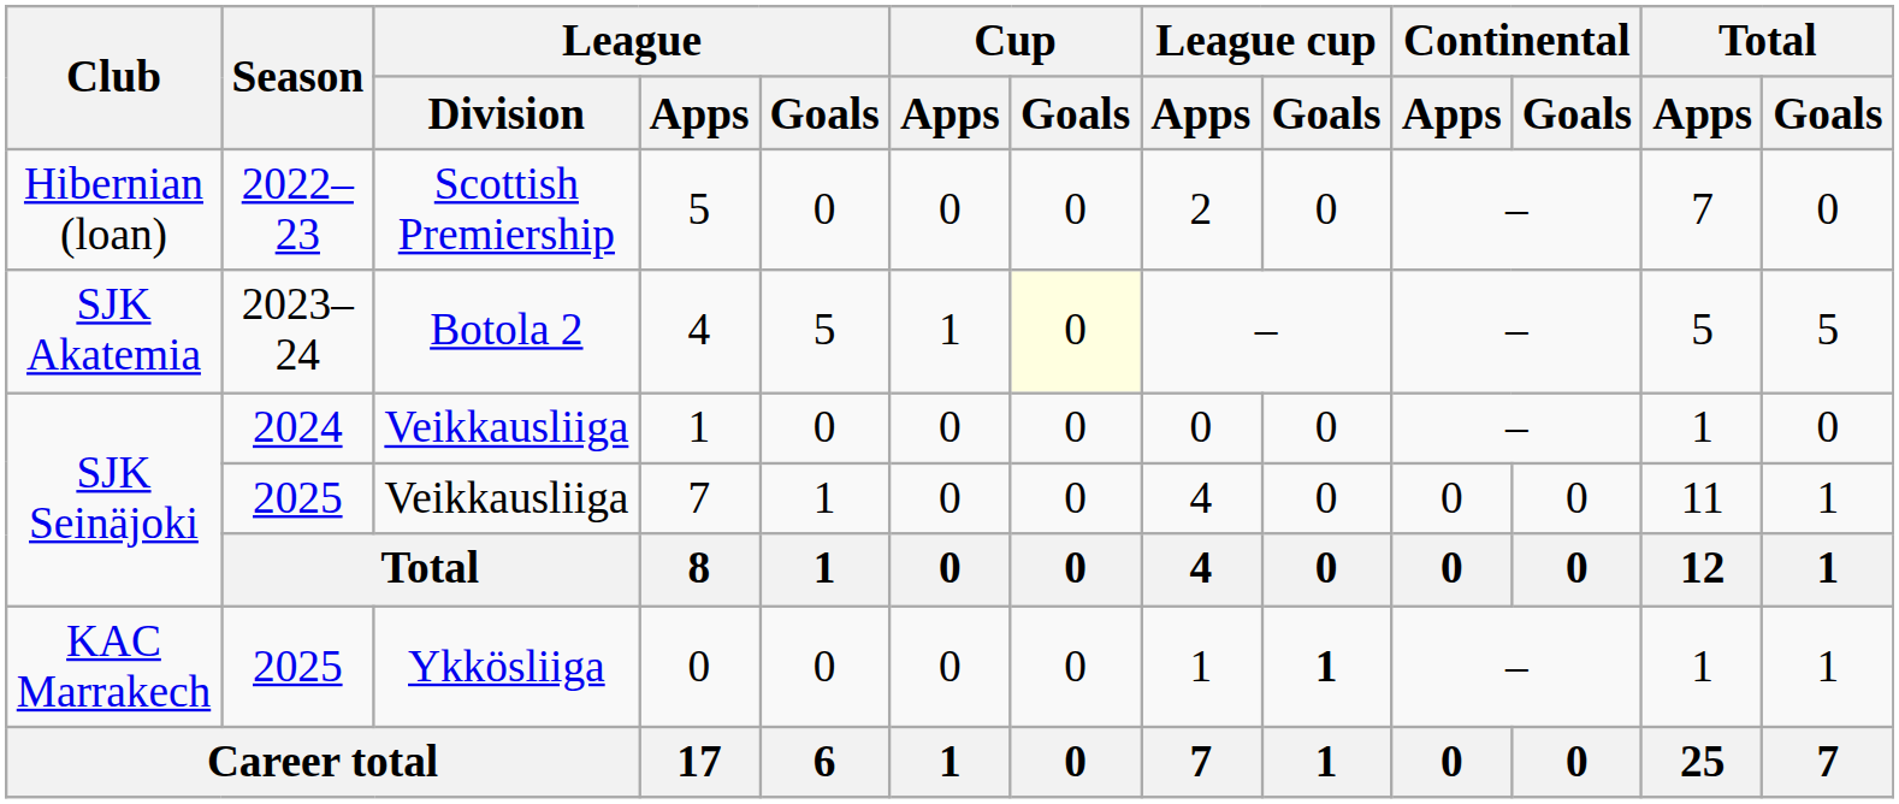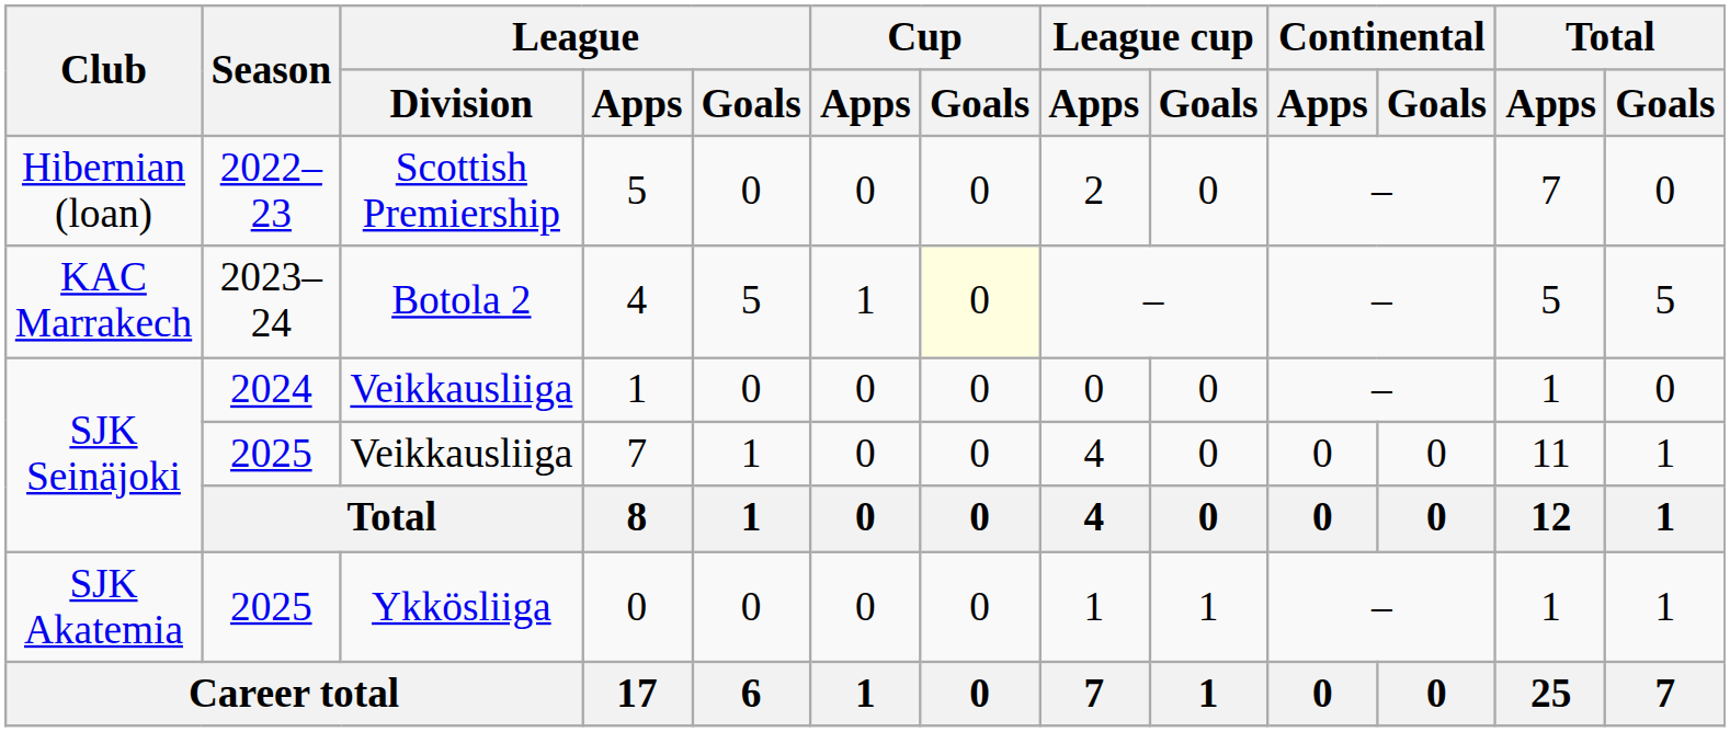 <table class="wikitable" style="text-align:center">
 <tr>
 <th rowspan="2">Club</th>
 <th rowspan="2">Season</th>
 <th colspan="3">League</th>
 <th colspan="2">Cup</th>
 <th colspan="2">League cup</th>
 <th colspan="2">Continental</th>
 <th colspan="2">Total</th>
 </tr>
 <tr>
 <th>Division</th>
 <th>Apps</th>
 <th>Goals</th>
 <th>Apps</th>
 <th>Goals</th>
 <th>Apps</th>
 <th>Goals</th>
 <th>Apps</th>
 <th>Goals</th>
 <th>Apps</th>
 <th>Goals</th>
 </tr>
 <tr>
 <td><a href='#'>Hibernian</a> (loan)</td>
 <td><a href='#'>2022–23</a></td>
 <td><a href='#'>Scottish Premiership</a></td>
 <td>5</td>
 <td>0</td>
 <td>0</td>
 <td>0</td>
 <td>2</td>
 <td>0</td>
 <td colspan=2>–</td>
 <td>7</td>
 <td>0</td>
 </tr>
 <tr>
-<td><a href='#'>SJK Akatemia</a></td>
+<td><a href='#'>KAC Marrakech</a></td>
 <td>2023–24</td>
 <td><a href='#'>Botola 2</a></td>
 <td>4</td>
 <td>5</td>
 <td>1</td>
 <td style="background: lightyellow;">0</td>
 <td colspan=2>–</td>
 <td colspan=2>–</td>
 <td>5</td>
 <td>5</td>
 </tr>
 <tr>
 <td rowspan=3><a href='#'>SJK Seinäjoki</a></td>
 <td><a href='#'>2024</a></td>
 <td><a href='#'>Veikkausliiga</a></td>
 <td>1</td>
 <td>0</td>
 <td>0</td>
 <td>0</td>
 <td>0</td>
 <td>0</td>
 <td colspan=2>–</td>
 <td>1</td>
 <td>0</td>
 </tr>
 <tr>
 <td><a href='#'>2025</a></td>
 <td>Veikkausliiga</td>
 <td>7</td>
 <td>1</td>
 <td>0</td>
 <td>0</td>
 <td>4</td>
 <td>0</td>
 <td>0</td>
 <td>0</td>
 <td>11</td>
 <td>1</td>
 </tr>
 <tr>
 <th colspan=2>Total</th>
 <th>8</th>
 <th>1</th>
 <th>0</th>
 <th>0</th>
 <th>4</th>
 <th>0</th>
 <th>0</th>
 <th>0</th>
 <th>12</th>
 <th>1</th>
 </tr>
 <tr>
-<td><a href='#'>KAC Marrakech</a></td>
+<td><a href='#'>SJK Akatemia</a></td>
 <td><a href='#'>2025</a></td>
 <td><a href='#'>Ykkösliiga</a></td>
 <td>0</td>
 <td>0</td>
 <td>0</td>
 <td>0</td>
 <td>1</td>
-<td><strong>1</strong></td>
+<td>1</td>
 <td colspan=2>–</td>
 <td>1</td>
 <td>1</td>
 </tr>
 <tr>
 <th colspan="3">Career total</th>
 <th>17</th>
 <th>6</th>
 <th>1</th>
 <th>0</th>
 <th>7</th>
 <th>1</th>
 <th>0</th>
 <th>0</th>
 <th>25</th>
 <th>7</th>
 </tr>
 </table>
